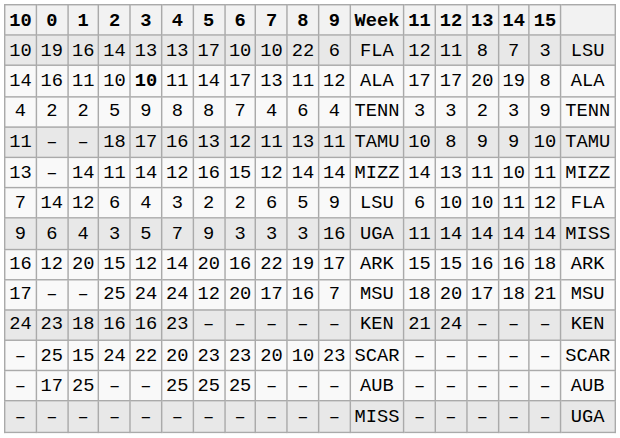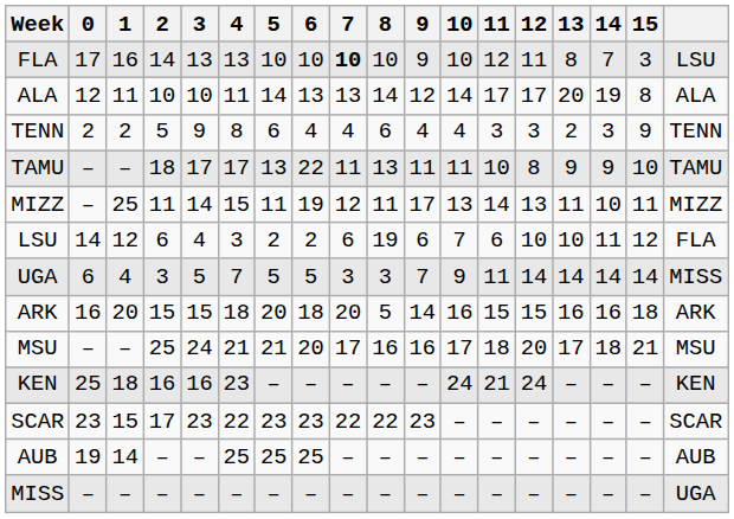 <table class="wikitable sortable" style="text-align:center">
 <tr>
-<th>10</th>
+<th>Week</th>
 <th>0</th>
 <th>1</th>
 <th>2</th>
 <th>3</th>
 <th>4</th>
 <th>5</th>
 <th>6</th>
 <th>7</th>
 <th>8</th>
 <th>9</th>
-<th>Week</th>
+<th>10</th>
 <th>11</th>
 <th>12</th>
 <th>13</th>
 <th>14</th>
 <th>15</th>
 <th class=unsortable></th>
 </tr>
 <tr style="background-color:#E8E8E8">
-<td>10</td>
-<td>19</td>
+<td>FLA</td>
+<td>17</td>
 <td>16</td>
 <td>14</td>
 <td>13</td>
 <td>13</td>
-<td>17</td>
 <td>10</td>
 <td>10</td>
-<td>22</td>
-<td>6</td>
-<td>FLA</td>
+<td><strong>10</strong></td>
+<td>10</td>
+<td>9</td>
+<td>10</td>
 <td>12</td>
 <td>11</td>
 <td>8</td>
 <td>7</td>
 <td>3</td>
 <td>LSU</td>
 </tr>
 <tr>
-<td>14</td>
-<td>16</td>
+<td>ALA</td>
+<td>12</td>
 <td>11</td>
 <td>10</td>
-<td><strong>10</strong></td>
+<td>10</td>
 <td>11</td>
 <td>14</td>
-<td>17</td>
 <td>13</td>
-<td>11</td>
+<td>13</td>
+<td>14</td>
 <td>12</td>
-<td>ALA</td>
+<td>14</td>
 <td>17</td>
 <td>17</td>
 <td>20</td>
 <td>19</td>
 <td>8</td>
 <td>ALA</td>
 </tr>
 <tr>
-<td>4</td>
+<td>TENN</td>
 <td>2</td>
 <td>2</td>
 <td>5</td>
 <td>9</td>
 <td>8</td>
-<td>8</td>
-<td>7</td>
+<td>6</td>
+<td>4</td>
 <td>4</td>
 <td>6</td>
 <td>4</td>
-<td>TENN</td>
+<td>4</td>
 <td>3</td>
 <td>3</td>
 <td>2</td>
 <td>3</td>
 <td>9</td>
 <td>TENN</td>
 </tr>
 <tr style="background-color:#E8E8E8">
-<td>11</td>
+<td data-sort-value=TEX>TAMU</td>
 <td data-sort-value=27>–</td>
 <td data-sort-value=27>–</td>
 <td>18</td>
 <td>17</td>
-<td>16</td>
+<td>17</td>
 <td>13</td>
-<td>12</td>
+<td>22</td>
 <td>11</td>
 <td>13</td>
 <td>11</td>
-<td data-sort-value=TEX>TAMU</td>
+<td>11</td>
 <td>10</td>
 <td>8</td>
 <td>9</td>
 <td>9</td>
 <td>10</td>
 <td>TAMU</td>
 </tr>
 <tr>
-<td>13</td>
+<td data-sort-value=MO>MIZZ</td>
 <td data-sort-value=28>–</td>
-<td>14</td>
+<td>25</td>
 <td>11</td>
 <td>14</td>
+<td>15</td>
+<td>11</td>
+<td>19</td>
 <td>12</td>
-<td>16</td>
-<td>15</td>
-<td>12</td>
-<td>14</td>
-<td>14</td>
-<td data-sort-value=MO>MIZZ</td>
+<td>11</td>
+<td>17</td>
+<td>13</td>
 <td>14</td>
 <td>13</td>
 <td>11</td>
 <td>10</td>
 <td>11</td>
 <td>MIZZ</td>
 </tr>
 <tr>
-<td>7</td>
+<td>LSU</td>
 <td>14</td>
 <td>12</td>
 <td>6</td>
 <td>4</td>
 <td>3</td>
 <td>2</td>
 <td>2</td>
 <td>6</td>
-<td>5</td>
-<td>9</td>
-<td>LSU</td>
+<td>19</td>
+<td>6</td>
+<td>7</td>
 <td>6</td>
 <td>10</td>
 <td>10</td>
 <td>11</td>
 <td>12</td>
 <td>FLA</td>
 </tr>
 <tr style="background-color:#E8E8E8">
-<td>9</td>
+<td data-sort-value=G>UGA</td>
 <td>6</td>
 <td>4</td>
 <td>3</td>
 <td>5</td>
 <td>7</td>
-<td>9</td>
+<td>5</td>
+<td>5</td>
 <td>3</td>
 <td>3</td>
-<td>3</td>
-<td>16</td>
-<td data-sort-value=G>UGA</td>
+<td>7</td>
+<td>9</td>
 <td>11</td>
 <td>14</td>
 <td>14</td>
 <td>14</td>
 <td>14</td>
 <td>MISS</td>
 </tr>
 <tr>
+<td>ARK</td>
 <td>16</td>
-<td>12</td>
 <td>20</td>
 <td>15</td>
-<td>12</td>
+<td>15</td>
+<td>18</td>
+<td>20</td>
+<td>18</td>
+<td>20</td>
+<td>5</td>
 <td>14</td>
-<td>20</td>
 <td>16</td>
-<td>22</td>
-<td>19</td>
-<td>17</td>
-<td>ARK</td>
 <td>15</td>
 <td>15</td>
 <td>16</td>
 <td>16</td>
 <td>18</td>
 <td>ARK</td>
 </tr>
 <tr>
-<td>17</td>
+<td>MSU</td>
 <td data-sort-value=29>–</td>
 <td data-sort-value=29>–</td>
 <td>25</td>
 <td>24</td>
-<td>24</td>
-<td>12</td>
+<td>21</td>
+<td>21</td>
 <td>20</td>
 <td>17</td>
 <td>16</td>
-<td>7</td>
-<td>MSU</td>
+<td>16</td>
+<td>17</td>
 <td>18</td>
 <td>20</td>
 <td>17</td>
 <td>18</td>
 <td>21</td>
 <td>MSU</td>
 </tr>
 <tr style="background-color:#E8E8E8">
-<td>24</td>
-<td>23</td>
+<td>KEN</td>
+<td>25</td>
 <td>18</td>
 <td>16</td>
 <td>16</td>
 <td>23</td>
 <td data-sort-value=30>–</td>
 <td data-sort-value=30>–</td>
 <td data-sort-value=30>–</td>
 <td data-sort-value=30>–</td>
 <td data-sort-value=30>–</td>
-<td>KEN</td>
+<td>24</td>
 <td>21</td>
 <td>24</td>
 <td data-sort-value=30>–</td>
 <td data-sort-value=30>–</td>
 <td data-sort-value=30>–</td>
 <td>KEN</td>
 </tr>
 <tr>
-<td data-sort-value=31>–</td>
-<td>25</td>
+<td>SCAR</td>
+<td>23</td>
 <td>15</td>
-<td>24</td>
+<td>17</td>
+<td>23</td>
 <td>22</td>
-<td>20</td>
 <td>23</td>
 <td>23</td>
-<td>20</td>
-<td>10</td>
+<td>22</td>
+<td>22</td>
 <td>23</td>
-<td>SCAR</td>
+<td data-sort-value=31>–</td>
 <td data-sort-value=31>–</td>
 <td data-sort-value=31>–</td>
 <td data-sort-value=31>–</td>
 <td data-sort-value=31>–</td>
 <td data-sort-value=31>–</td>
 <td>SCAR</td>
 </tr>
 <tr>
-<td data-sort-value=32>–</td>
-<td>17</td>
-<td>25</td>
+<td>AUB</td>
+<td>19</td>
+<td>14</td>
 <td data-sort-value=32>–</td>
 <td data-sort-value=32>–</td>
 <td>25</td>
 <td>25</td>
 <td>25</td>
 <td data-sort-value=32>–</td>
 <td data-sort-value=32>–</td>
 <td data-sort-value=32>–</td>
-<td>AUB</td>
+<td data-sort-value=32>–</td>
 <td data-sort-value=32>–</td>
 <td data-sort-value=32>–</td>
 <td data-sort-value=32>–</td>
 <td data-sort-value=32>–</td>
 <td data-sort-value=32>–</td>
 <td>AUB</td>
 </tr>
 <tr style="background-color:#E8E8E8">
+<td data-sort-value=O>MISS</td>
 <td data-sort-value=33>–</td>
 <td data-sort-value=33>–</td>
 <td data-sort-value=33>–</td>
 <td data-sort-value=33>–</td>
 <td data-sort-value=33>–</td>
 <td data-sort-value=33>–</td>
 <td data-sort-value=33>–</td>
 <td data-sort-value=33>–</td>
 <td data-sort-value=33>–</td>
 <td data-sort-value=33>–</td>
 <td data-sort-value=33>–</td>
-<td data-sort-value=O>MISS</td>
 <td data-sort-value=33>–</td>
 <td data-sort-value=33>–</td>
 <td data-sort-value=33>–</td>
 <td data-sort-value=33>–</td>
 <td data-sort-value=33>–</td>
 <td>UGA</td>
 </tr>
 </table>
